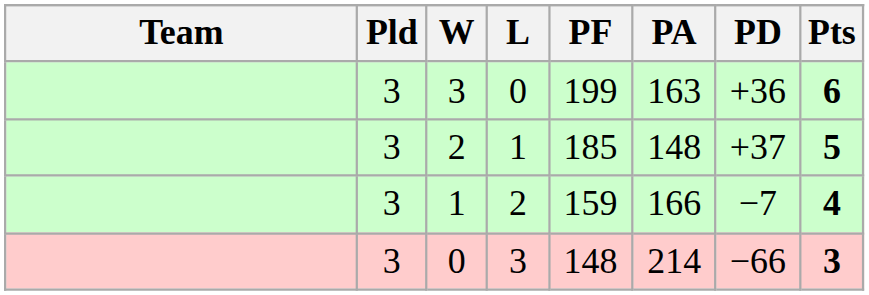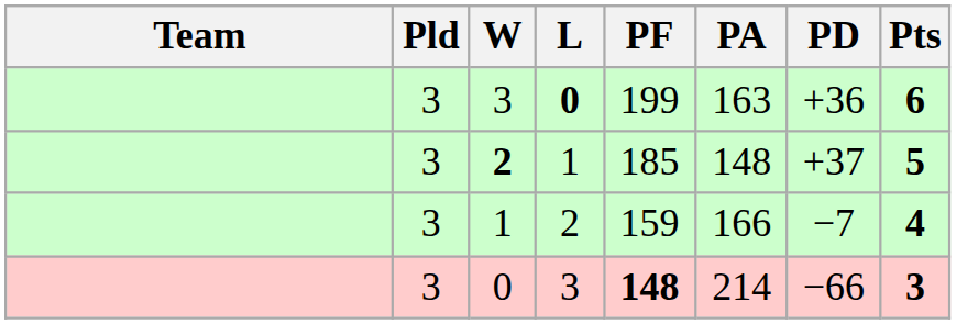 <table class=wikitable>
 <tr align=center>
 </tr>
 <tr>
 <th width=150>Team</th>
 <th width=20>Pld</th>
 <th width=20>W</th>
 <th width=20>L</th>
 <th width=30>PF</th>
 <th width=30>PA</th>
 <th width=30>PD</th>
 <th width=20>Pts</th>
 </tr>
 <tr align=center bgcolor=ccffcc>
 <td align=left></td>
 <td>3</td>
 <td>3</td>
-<td>0</td>
+<td><strong>0</strong></td>
 <td>199</td>
 <td>163</td>
 <td>+36</td>
 <td><strong>6</strong></td>
 </tr>
 <tr align=center bgcolor=ccffcc>
 <td align=left></td>
 <td>3</td>
-<td>2</td>
+<td><strong>2</strong></td>
 <td>1</td>
 <td>185</td>
 <td>148</td>
 <td>+37</td>
 <td><strong>5</strong></td>
 </tr>
 <tr align=center bgcolor=ccffcc>
 <td align=left></td>
 <td>3</td>
 <td>1</td>
 <td>2</td>
 <td>159</td>
 <td>166</td>
 <td>−7</td>
 <td><strong>4</strong></td>
 </tr>
 <tr align=center bgcolor=ffcccc>
 <td align=left></td>
 <td>3</td>
 <td>0</td>
 <td>3</td>
-<td>148</td>
+<td><strong>148</strong></td>
 <td>214</td>
 <td>−66</td>
 <td><strong>3</strong></td>
 </tr>
 </table>
